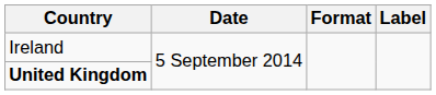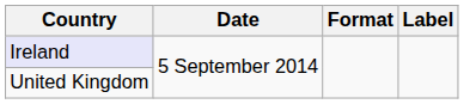 <table class="wikitable sortable">
 <tr>
 <th>Country</th>
 <th>Date</th>
 <th>Format</th>
 <th>Label</th>
 </tr>
 <tr>
-<td>Ireland</td>
+<td style="background: lavender;">Ireland</td>
 <td rowspan="2">5 September 2014</td>
 <td rowspan="2"></td>
 <td rowspan="2"></td>
 </tr>
 <tr>
-<td><strong>United Kingdom</strong></td>
+<td>United Kingdom</td>
 </tr>
 </table>
